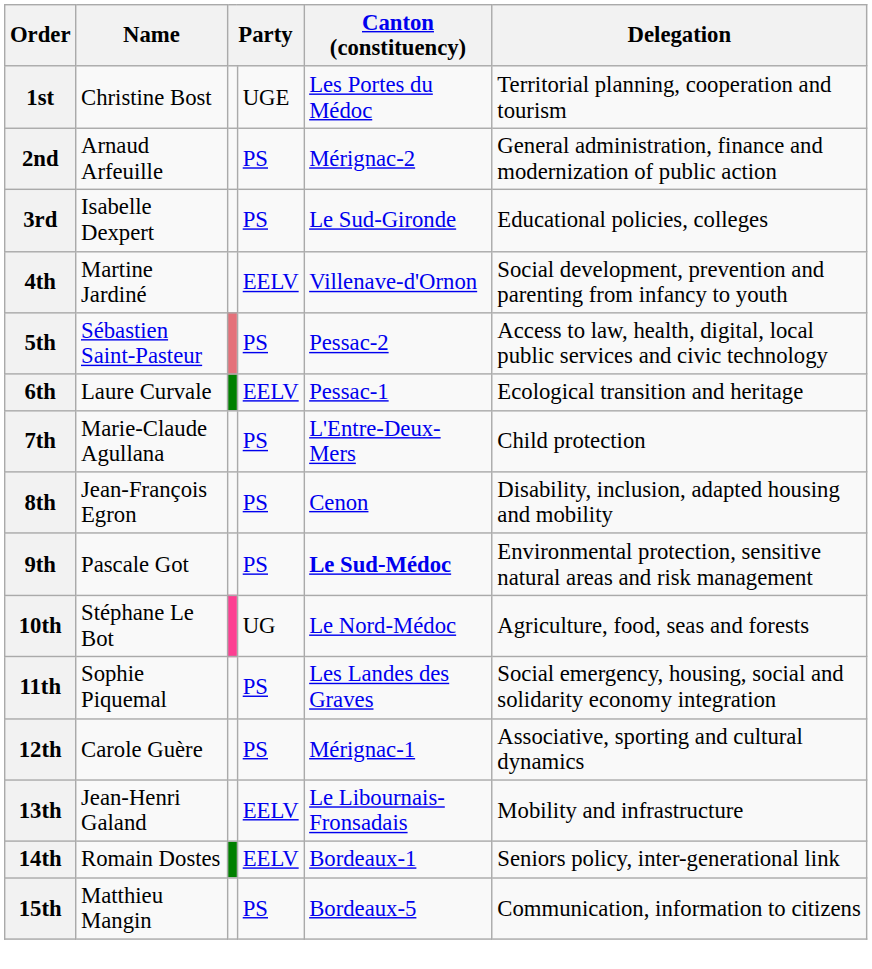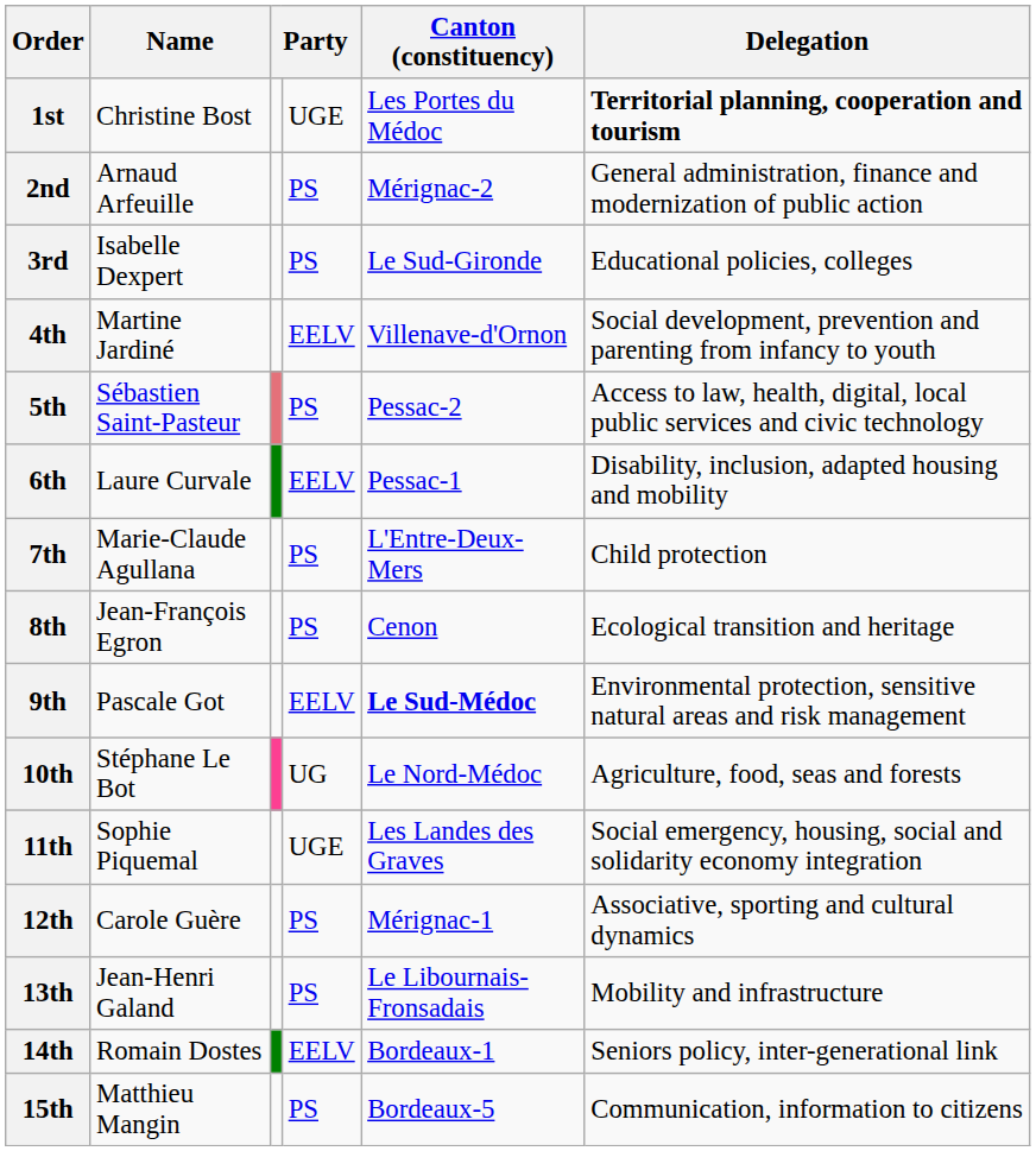 <table class="wikitable sortable">
 <tr>
 <th>Order</th>
 <th>Name</th>
 <th colspan="2">Party</th>
 <th><a href='#'>Canton</a> (constituency)</th>
 <th>Delegation</th>
 </tr>
 <tr>
 <th rowspan="1">1st</th>
 <td rowspan="1">Christine Bost</td>
 <td style="color:inherit;background:"></td>
 <td>UGE</td>
 <td><a href='#'>Les Portes du Médoc</a></td>
-<td rowspan="1">Territorial planning, cooperation and tourism</td>
+<td rowspan="1"><strong>Territorial planning, cooperation and tourism</strong></td>
 </tr>
 <tr>
 <th>2nd</th>
 <td>Arnaud Arfeuille</td>
 <td style="color:inherit;background:"></td>
 <td><a href='#'>PS</a></td>
 <td><a href='#'>Mérignac-2</a></td>
 <td>General administration, finance and modernization of public action</td>
 </tr>
 <tr>
 <th rowspan="1">3rd</th>
 <td rowspan="1">Isabelle Dexpert</td>
 <td style="color:inherit;background:"></td>
 <td><a href='#'>PS</a></td>
 <td><a href='#'>Le Sud-Gironde</a></td>
 <td rowspan="1">Educational policies, colleges</td>
 </tr>
 <tr>
 <th>4th</th>
 <td>Martine Jardiné</td>
 <td style="color:inherit;background:"></td>
 <td><a href='#'>EELV</a></td>
 <td><a href='#'>Villenave-d'Ornon</a></td>
 <td>Social development, prevention and parenting from infancy to youth</td>
 </tr>
 <tr>
 <th rowspan="1">5th</th>
 <td rowspan="1"><a href='#'>Sébastien Saint-Pasteur</a></td>
 <td style="color:inherit;background:#E4717A"></td>
 <td><a href='#'>PS</a></td>
 <td><a href='#'>Pessac-2</a></td>
 <td rowspan="1">Access to law, health, digital, local public services and civic technology</td>
 </tr>
 <tr>
 <th rowspan="1">6th</th>
 <td rowspan="1">Laure Curvale</td>
 <td style="color:inherit;background:#008000"></td>
 <td><a href='#'>EELV</a></td>
 <td><a href='#'>Pessac-1</a></td>
-<td rowspan="1">Ecological transition and heritage</td>
+<td rowspan="1">Disability, inclusion, adapted housing and mobility</td>
 </tr>
 <tr>
 <th rowspan="1">7th</th>
 <td rowspan="1">Marie-Claude Agullana</td>
 <td style="color:inherit;background:"></td>
 <td><a href='#'>PS</a></td>
 <td><a href='#'>L'Entre-Deux-Mers</a></td>
 <td rowspan="1">Child protection</td>
 </tr>
 <tr>
 <th rowspan="1">8th</th>
 <td rowspan="1">Jean-François Egron</td>
 <td style="color:inherit;background:"></td>
 <td><a href='#'>PS</a></td>
 <td><a href='#'>Cenon</a></td>
-<td rowspan="1">Disability, inclusion, adapted housing and mobility</td>
+<td rowspan="1">Ecological transition and heritage</td>
 </tr>
 <tr>
 <th rowspan="1">9th</th>
 <td rowspan="1">Pascale Got</td>
 <td style="color:inherit;background:"></td>
-<td><a href='#'>PS</a></td>
+<td><a href='#'>EELV</a></td>
 <td><strong><a href='#'>Le Sud-Médoc</a></strong></td>
 <td rowspan="1">Environmental protection, sensitive natural areas and risk management</td>
 </tr>
 <tr>
 <th rowspan="1">10th</th>
 <td rowspan="1">Stéphane Le Bot</td>
 <td style="color:inherit;background:#FD3F92"></td>
 <td>UG</td>
 <td><a href='#'>Le Nord-Médoc</a></td>
 <td rowspan="1">Agriculture, food, seas and forests</td>
 </tr>
 <tr>
 <th>11th</th>
 <td>Sophie Piquemal</td>
 <td style="color:inherit;background:"></td>
-<td><a href='#'>PS</a></td>
+<td>UGE</td>
 <td><a href='#'>Les Landes des Graves</a></td>
 <td>Social emergency, housing, social and solidarity economy integration</td>
 </tr>
 <tr>
 <th rowspan="1">12th</th>
 <td rowspan="1">Carole Guère</td>
 <td style="color:inherit;background:"></td>
 <td><a href='#'>PS</a></td>
 <td><a href='#'>Mérignac-1</a></td>
 <td>Associative, sporting and cultural dynamics</td>
 </tr>
 <tr>
 <th rowspan="1">13th</th>
 <td rowspan="1">Jean-Henri Galand</td>
 <td style="color:inherit;background:"></td>
-<td><a href='#'>EELV</a></td>
+<td><a href='#'>PS</a></td>
 <td><a href='#'>Le Libournais-Fronsadais</a></td>
 <td rowspan="1">Mobility and infrastructure</td>
 </tr>
 <tr>
 <th rowspan="1">14th</th>
 <td rowspan="1">Romain Dostes</td>
 <td style="color:inherit;background:#008000"></td>
 <td><a href='#'>EELV</a></td>
 <td><a href='#'>Bordeaux-1</a></td>
 <td rowspan="1">Seniors policy, inter-generational link</td>
 </tr>
 <tr>
 <th>15th</th>
 <td rowspan="1">Matthieu Mangin</td>
 <td style="color:inherit;background:"></td>
 <td><a href='#'>PS</a></td>
 <td><a href='#'>Bordeaux-5</a></td>
 <td rowspan="1">Communication, information to citizens</td>
 </tr>
 </table>
